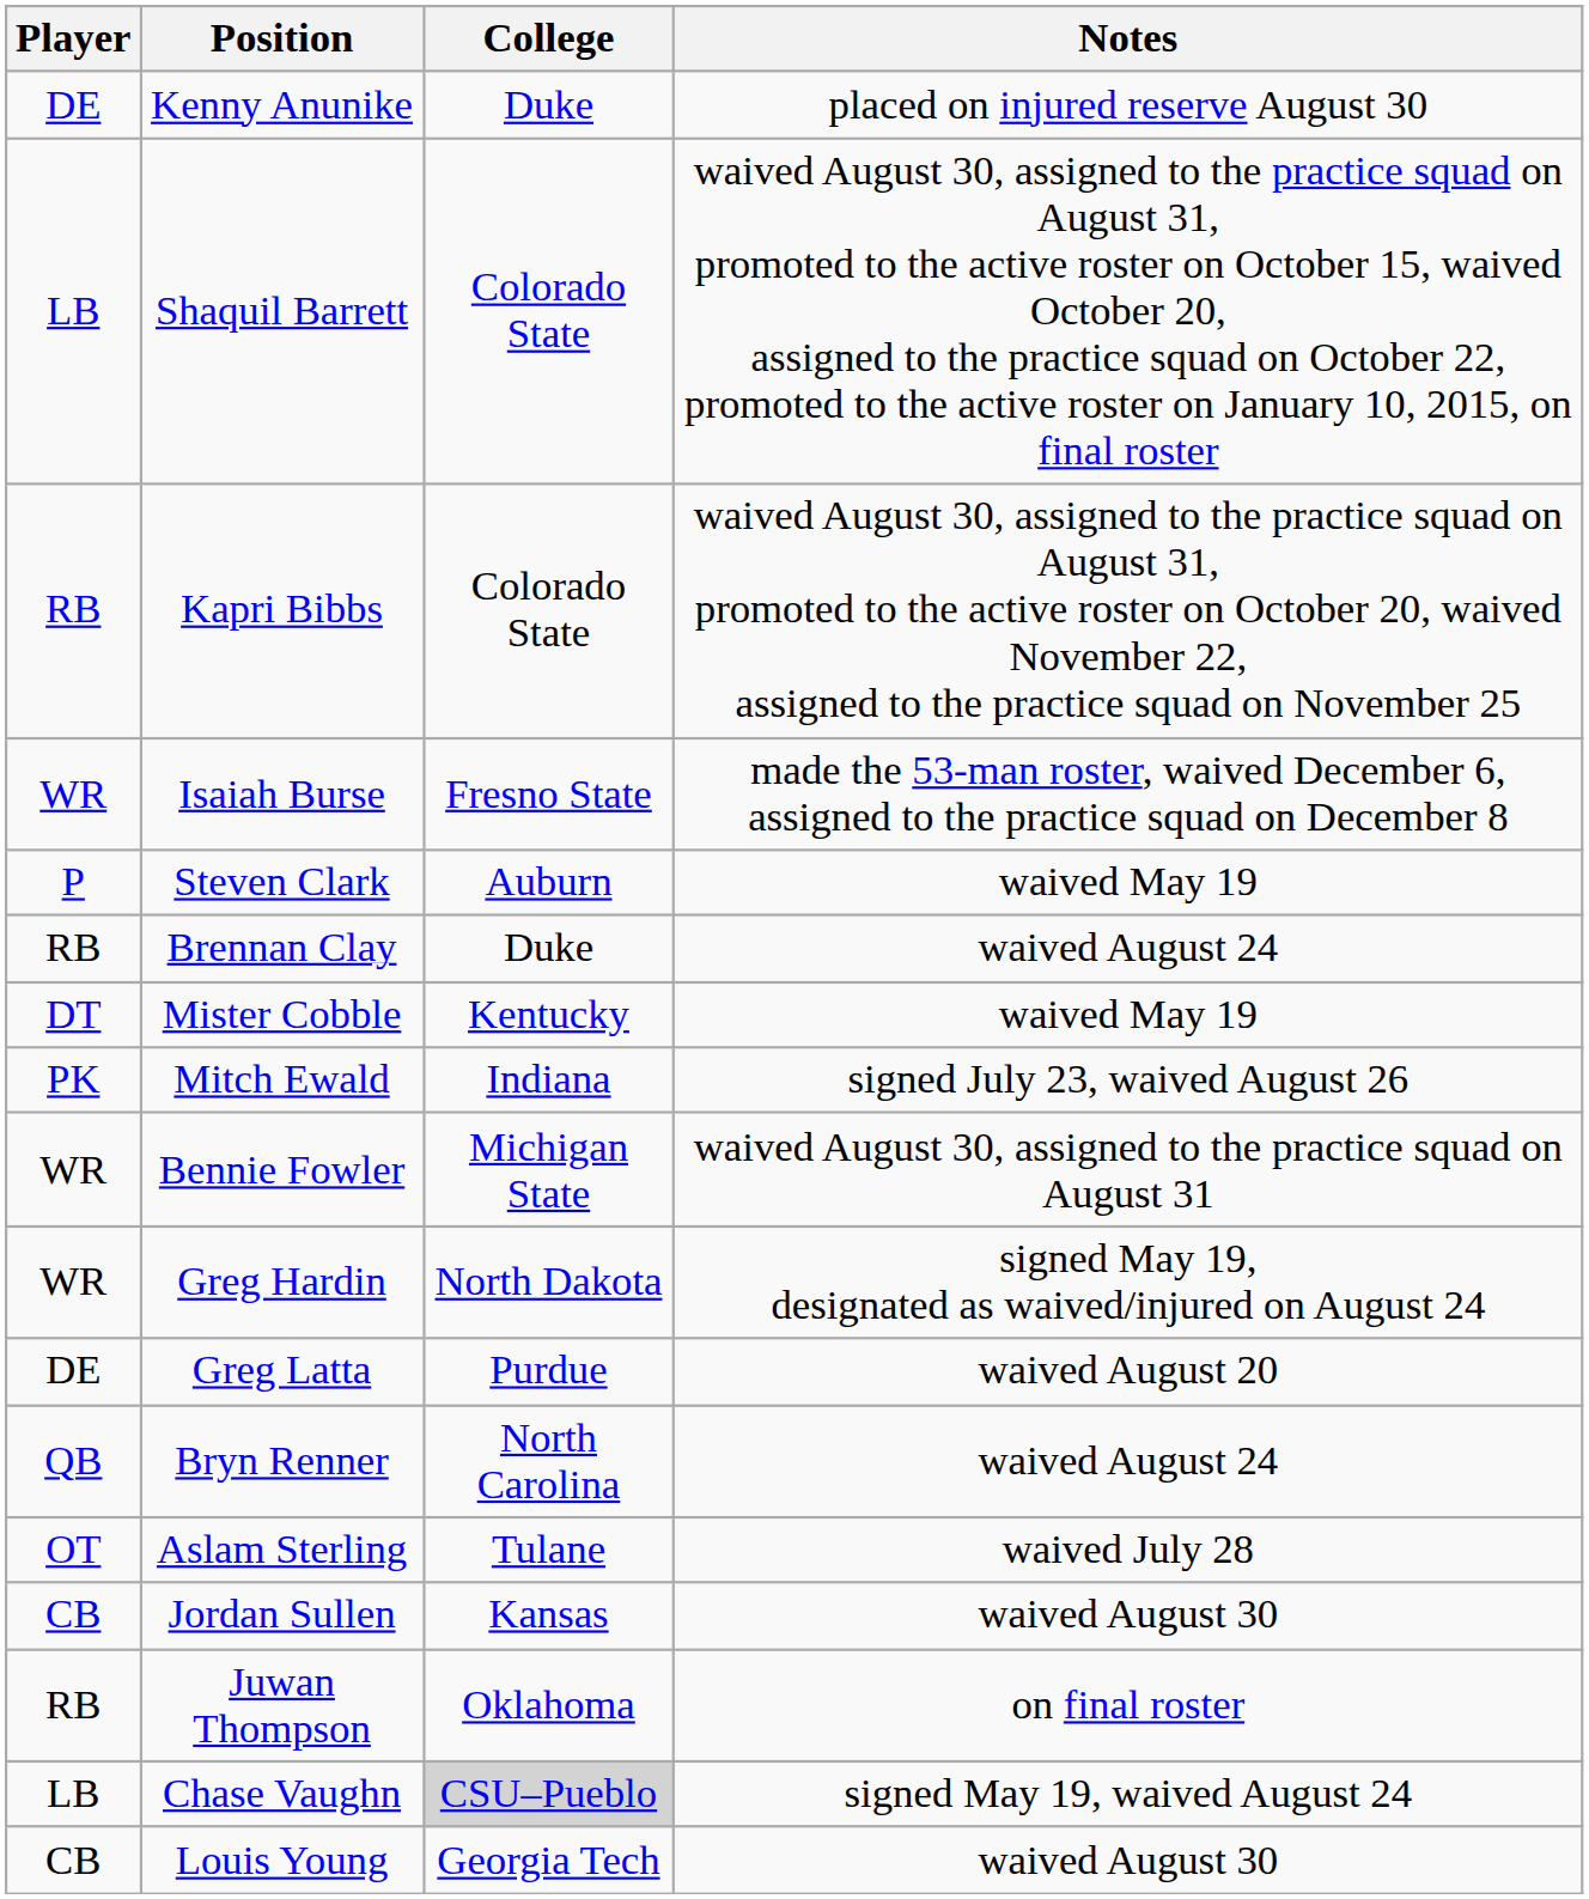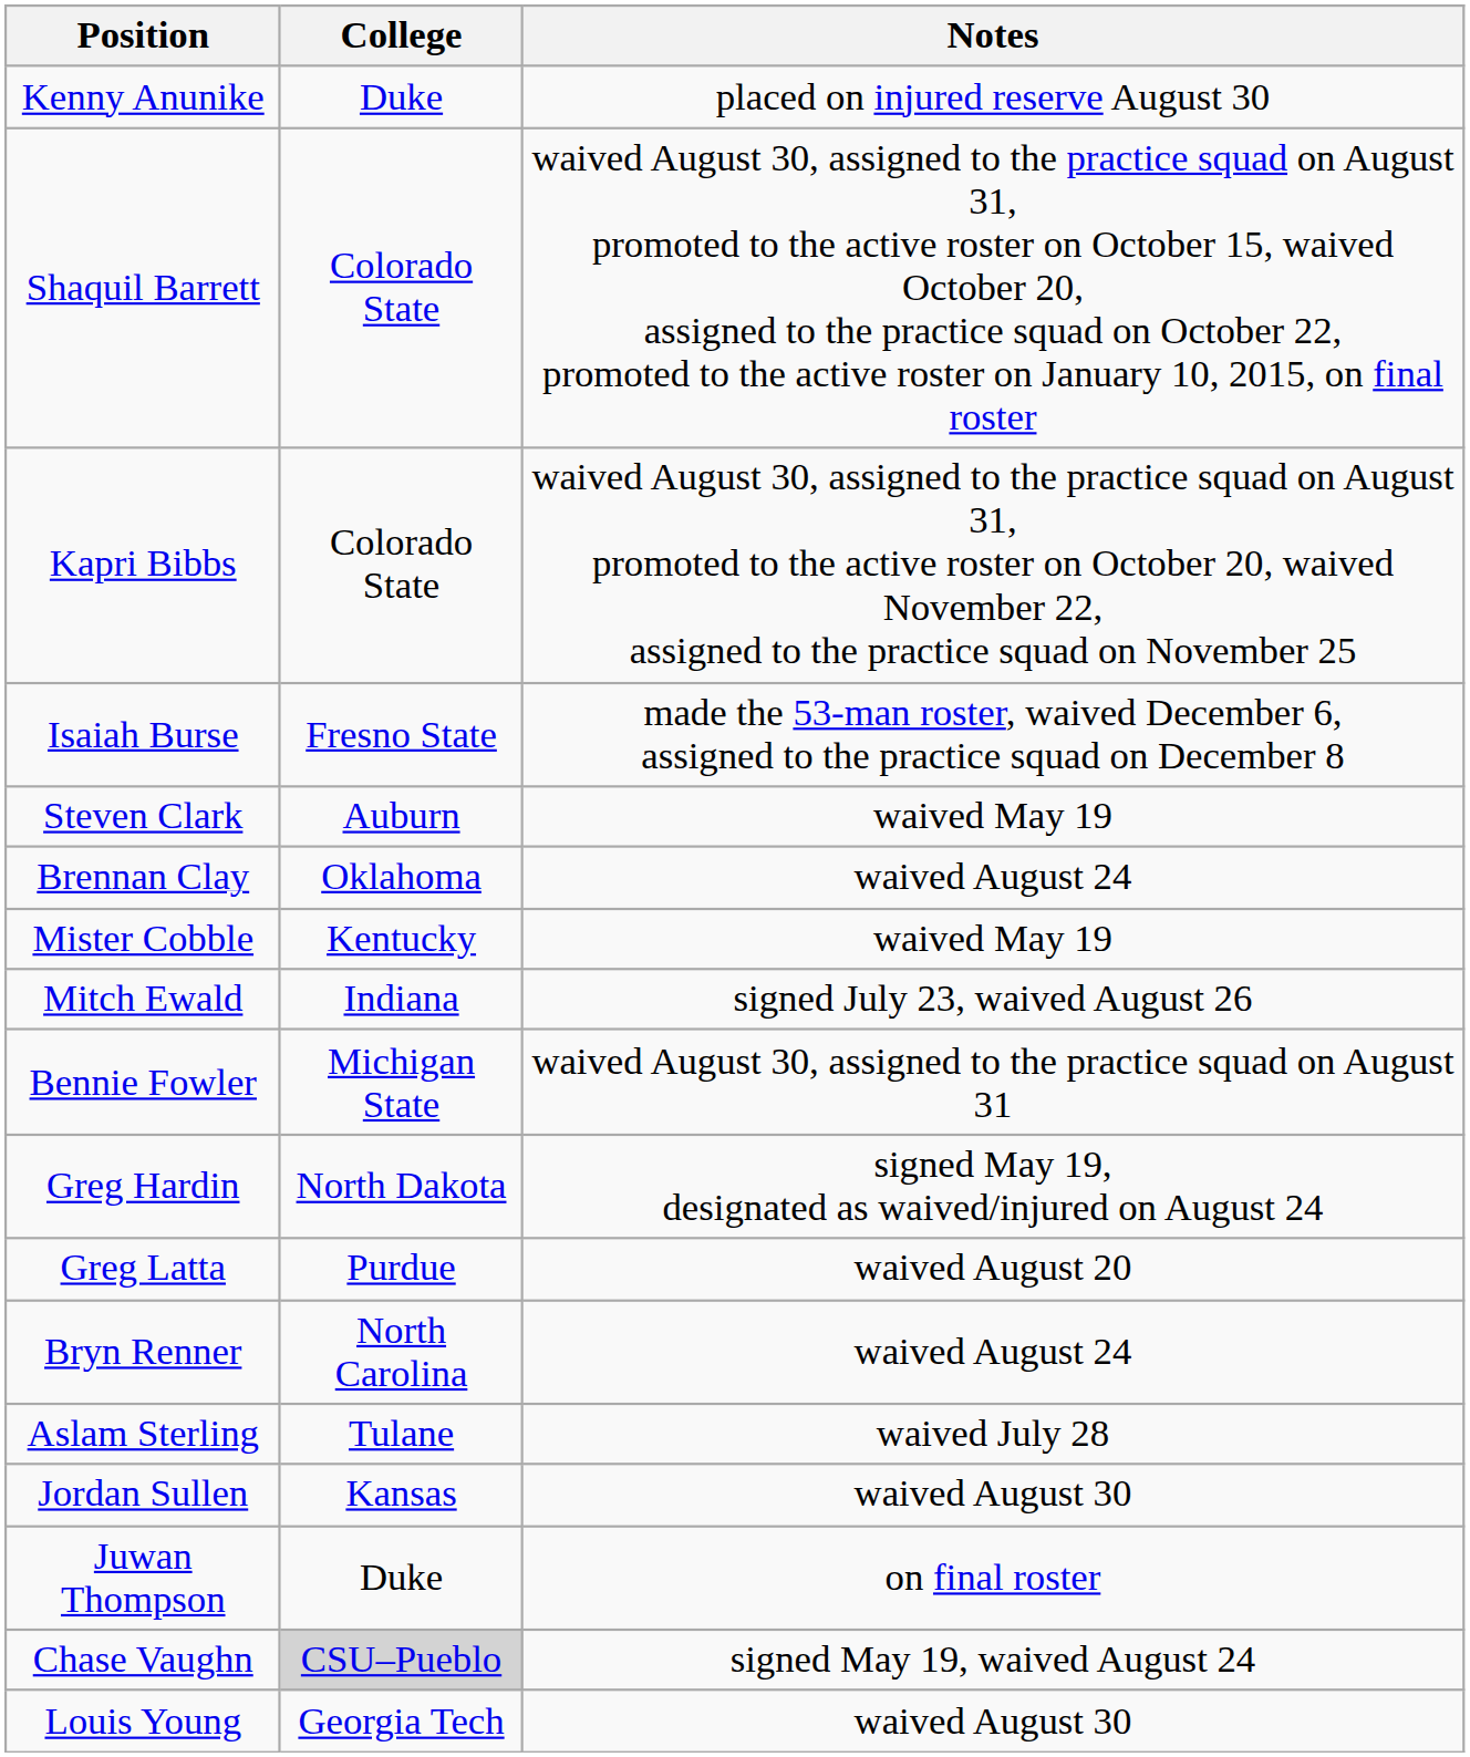 <table class="wikitable" style="text-align:center">
 <tr>
-<th>Player</th>
 <th>Position</th>
 <th>College</th>
 <th>Notes</th>
 </tr>
 <tr>
-<td><a href='#'>DE</a></td>
 <td><a href='#'>Kenny Anunike</a></td>
 <td><a href='#'>Duke</a></td>
 <td>placed on <a href='#'>injured reserve</a> August 30</td>
 </tr>
 <tr>
-<td><a href='#'>LB</a></td>
 <td><a href='#'>Shaquil Barrett</a></td>
 <td><a href='#'>Colorado State</a></td>
 <td>waived August 30, assigned to the <a href='#'>practice squad</a> on August 31,<br>promoted to the active roster on October 15, waived October 20,<br>assigned to the practice squad on October 22,<br>promoted to the active roster on January 10, 2015, on <a href='#'>final roster</a></td>
 </tr>
 <tr>
-<td><a href='#'>RB</a></td>
 <td><a href='#'>Kapri Bibbs</a></td>
 <td>Colorado State</td>
 <td>waived August 30, assigned to the practice squad on August 31,<br>promoted to the active roster on October 20, waived November 22,<br>assigned to the practice squad on November 25</td>
 </tr>
 <tr>
-<td><a href='#'>WR</a></td>
 <td><a href='#'>Isaiah Burse</a></td>
 <td><a href='#'>Fresno State</a></td>
 <td>made the <a href='#'>53-man roster</a>, waived December 6,<br>assigned to the practice squad on December 8</td>
 </tr>
 <tr>
-<td><a href='#'>P</a></td>
 <td><a href='#'>Steven Clark</a></td>
 <td><a href='#'>Auburn</a></td>
 <td>waived May 19</td>
 </tr>
 <tr>
-<td>RB</td>
 <td><a href='#'>Brennan Clay</a></td>
-<td>Duke</td>
+<td><a href='#'>Oklahoma</a></td>
 <td>waived August 24</td>
 </tr>
 <tr>
-<td><a href='#'>DT</a></td>
 <td><a href='#'>Mister Cobble</a></td>
 <td><a href='#'>Kentucky</a></td>
 <td>waived May 19</td>
 </tr>
 <tr>
-<td><a href='#'>PK</a></td>
 <td><a href='#'>Mitch Ewald</a></td>
 <td><a href='#'>Indiana</a></td>
 <td>signed July 23, waived August 26</td>
 </tr>
 <tr>
-<td>WR</td>
 <td><a href='#'>Bennie Fowler</a></td>
 <td><a href='#'>Michigan State</a></td>
 <td>waived August 30, assigned to the practice squad on August 31</td>
 </tr>
 <tr>
-<td>WR</td>
 <td><a href='#'>Greg Hardin</a></td>
 <td><a href='#'>North Dakota</a></td>
 <td>signed May 19,<br>designated as waived/injured on August 24</td>
 </tr>
 <tr>
-<td>DE</td>
 <td><a href='#'>Greg Latta</a></td>
 <td><a href='#'>Purdue</a></td>
 <td>waived August 20</td>
 </tr>
 <tr>
-<td><a href='#'>QB</a></td>
 <td><a href='#'>Bryn Renner</a></td>
 <td><a href='#'>North Carolina</a></td>
 <td>waived August 24</td>
 </tr>
 <tr>
-<td><a href='#'>OT</a></td>
 <td><a href='#'>Aslam Sterling</a></td>
 <td><a href='#'>Tulane</a></td>
 <td>waived July 28</td>
 </tr>
 <tr>
-<td><a href='#'>CB</a></td>
 <td><a href='#'>Jordan Sullen</a></td>
 <td><a href='#'>Kansas</a></td>
 <td>waived August 30</td>
 </tr>
 <tr>
-<td>RB</td>
 <td><a href='#'>Juwan Thompson</a></td>
-<td><a href='#'>Oklahoma</a></td>
+<td>Duke</td>
 <td>on <a href='#'>final roster</a></td>
 </tr>
 <tr>
-<td>LB</td>
 <td><a href='#'>Chase Vaughn</a></td>
 <td style="background: lightgrey;"><a href='#'>CSU–Pueblo</a></td>
 <td>signed May 19, waived August 24</td>
 </tr>
 <tr>
-<td>CB</td>
 <td><a href='#'>Louis Young</a></td>
 <td><a href='#'>Georgia Tech</a></td>
 <td>waived August 30</td>
 </tr>
 </table>
